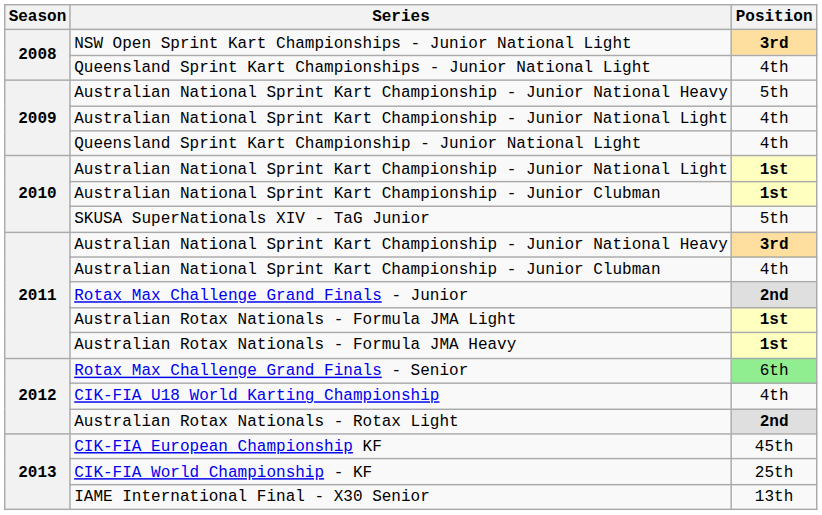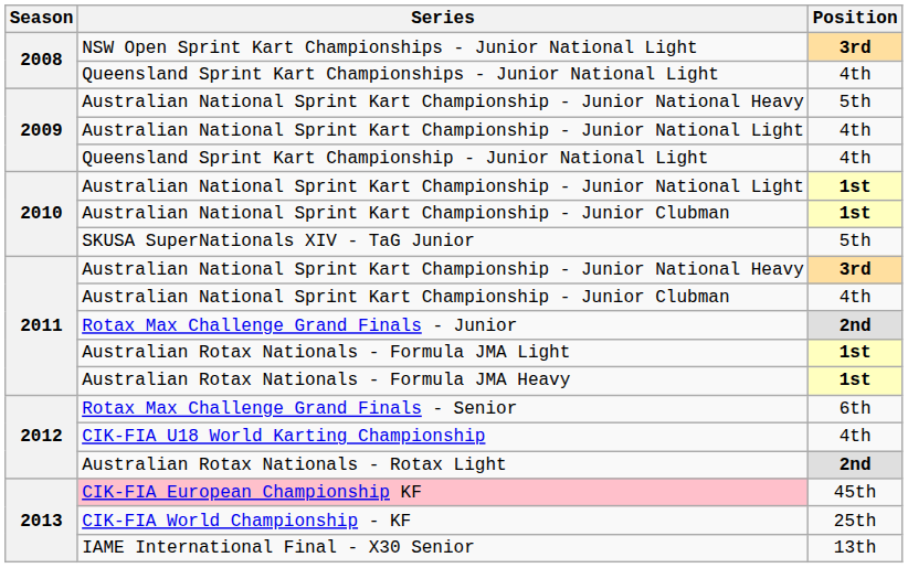 <table class="wikitable" style="font-size: 85%; text-align:center">
 <tr>
 <th>Season</th>
 <th>Series</th>
 <th>Position</th>
 </tr>
 <tr>
 <th rowspan=2>2008</th>
 <td align="left">NSW Open Sprint Kart Championships - Junior National Light</td>
 <td align="center" style="background:#FFDF9F"><strong>3rd</strong></td>
 </tr>
 <tr>
 <td align="left">Queensland Sprint Kart Championships - Junior National Light</td>
 <td>4th</td>
 </tr>
 <tr>
 <th rowspan=3>2009</th>
 <td align="left">Australian National Sprint Kart Championship - Junior National Heavy</td>
 <td>5th</td>
 </tr>
 <tr>
 <td align="left">Australian National Sprint Kart Championship - Junior National Light</td>
 <td>4th</td>
 </tr>
 <tr>
 <td align="left">Queensland Sprint Kart Championship - Junior National Light</td>
 <td>4th</td>
 </tr>
 <tr>
 <th rowspan=3>2010</th>
 <td align="left">Australian National Sprint Kart Championship - Junior National Light</td>
 <td align="center" style="background: #ffffbf"><strong>1st</strong></td>
 </tr>
 <tr>
 <td align="left">Australian National Sprint Kart Championship - Junior Clubman</td>
 <td align="center" style="background: #ffffbf"><strong>1st</strong></td>
 </tr>
 <tr>
 <td align="left">SKUSA SuperNationals XIV - TaG Junior</td>
 <td>5th</td>
 </tr>
 <tr>
 <th rowspan=5>2011</th>
 <td align="left">Australian National Sprint Kart Championship - Junior National Heavy</td>
 <td align="center" style="background:#FFDF9F"><strong>3rd</strong></td>
 </tr>
 <tr>
 <td align="left">Australian National Sprint Kart Championship - Junior Clubman</td>
 <td>4th</td>
 </tr>
 <tr>
 <td align="left"><a href='#'>Rotax Max Challenge Grand Finals</a> - Junior</td>
 <td align="center" style="background: #dfdfdf"><strong>2nd</strong></td>
 </tr>
 <tr>
 <td align="left">Australian Rotax Nationals - Formula JMA Light</td>
 <td align="center" style="background: #ffffbf"><strong>1st</strong></td>
 </tr>
 <tr>
 <td align="left">Australian Rotax Nationals - Formula JMA Heavy</td>
 <td align="center" style="background: #ffffbf"><strong>1st</strong></td>
 </tr>
 <tr>
 <th rowspan=3>2012</th>
 <td align="left"><a href='#'>Rotax Max Challenge Grand Finals</a> - Senior</td>
-<td style="background: lightgreen;">6th</td>
+<td>6th</td>
 </tr>
 <tr>
 <td align="left"><a href='#'>CIK-FIA U18 World Karting Championship</a></td>
 <td>4th</td>
 </tr>
 <tr>
 <td align="left">Australian Rotax Nationals - Rotax Light</td>
 <td align="center" style="background: #dfdfdf"><strong>2nd</strong></td>
 </tr>
 <tr>
 <th rowspan=3>2013</th>
-<td align="left"><a href='#'>CIK-FIA European Championship</a> KF</td>
+<td align="left" style="background: pink;"><a href='#'>CIK-FIA European Championship</a> KF</td>
 <td>45th</td>
 </tr>
 <tr>
 <td align="left"><a href='#'>CIK-FIA World Championship</a> - KF</td>
 <td>25th</td>
 </tr>
 <tr>
 <td align="left">IAME International Final - X30 Senior</td>
 <td>13th</td>
 </tr>
 </table>
